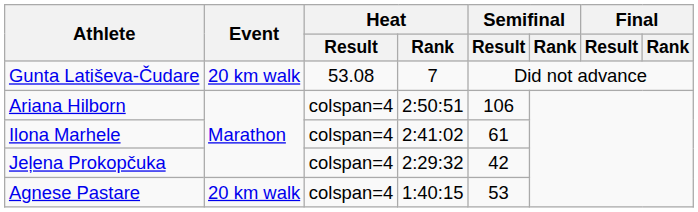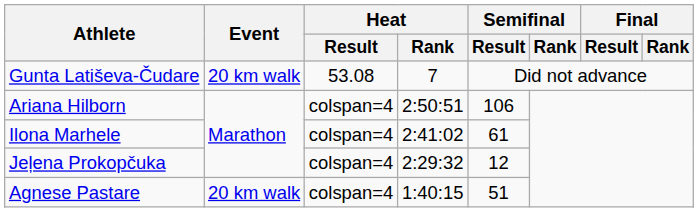 <table class="wikitable" style="font-size:90%">
 <tr>
 <th rowspan="2">Athlete</th>
 <th rowspan="2">Event</th>
 <th colspan="2">Heat</th>
 <th colspan="2">Semifinal</th>
 <th colspan="2">Final</th>
 </tr>
 <tr style="font-size:95%">
 <th>Result</th>
 <th>Rank</th>
 <th>Result</th>
 <th>Rank</th>
 <th>Result</th>
 <th>Rank</th>
 </tr>
 <tr align=center>
 <td align=left><a href='#'>Gunta Latiševa-Čudare</a></td>
 <td align=left><a href='#'>20 km walk</a></td>
 <td>53.08</td>
 <td>7</td>
 <td colspan=4>Did not advance</td>
 </tr>
 <tr align=center>
 <td align=left><a href='#'>Ariana Hilborn</a></td>
 <td align=left rowspan=3><a href='#'>Marathon</a></td>
 <td>colspan=4 </td>
 <td>2:50:51</td>
 <td>106</td>
 </tr>
 <tr align=center>
 <td align=left><a href='#'>Ilona Marhele</a></td>
 <td>colspan=4 </td>
 <td>2:41:02</td>
 <td>61</td>
 </tr>
 <tr align=center>
 <td align=left><a href='#'>Jeļena Prokopčuka</a></td>
 <td>colspan=4 </td>
 <td>2:29:32</td>
-<td>42</td>
+<td>12</td>
 </tr>
 <tr align=center>
 <td align=left><a href='#'>Agnese Pastare</a></td>
 <td align=left><a href='#'>20 km walk</a></td>
 <td>colspan=4 </td>
 <td>1:40:15</td>
-<td>53</td>
+<td>51</td>
 </tr>
 </table>
